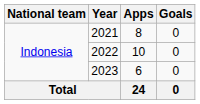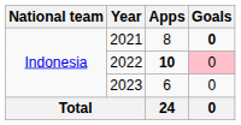 <table class="wikitable" style="text-align:center">
 <tr>
 <th>National team</th>
 <th>Year</th>
 <th>Apps</th>
 <th>Goals</th>
 </tr>
 <tr>
 <td rowspan=3><a href='#'>Indonesia</a></td>
 <td>2021</td>
 <td>8</td>
-<td>0</td>
+<td><strong>0</strong></td>
 </tr>
 <tr>
 <td>2022</td>
-<td>10</td>
-<td>0</td>
+<td><strong>10</strong></td>
+<td style="background: pink;">0</td>
 </tr>
 <tr>
 <td>2023</td>
 <td>6</td>
 <td>0</td>
 </tr>
 <tr>
 <th colspan=2>Total</th>
 <th>24</th>
 <th>0</th>
 </tr>
 </table>
